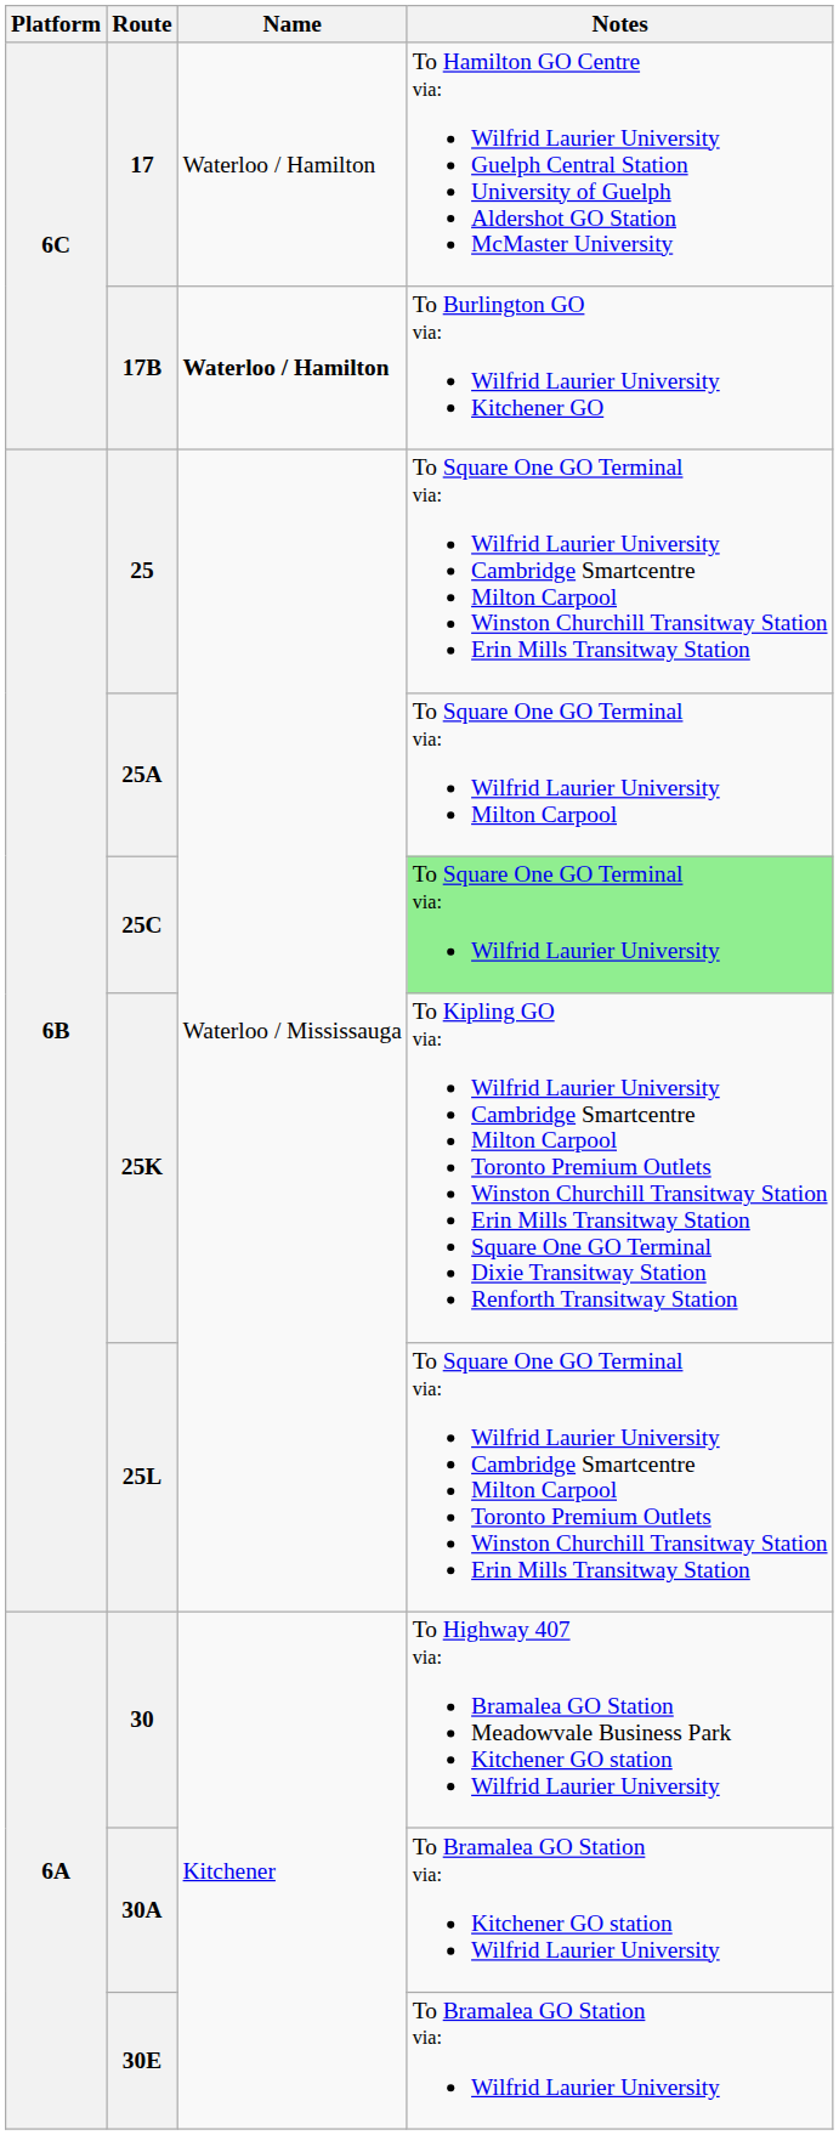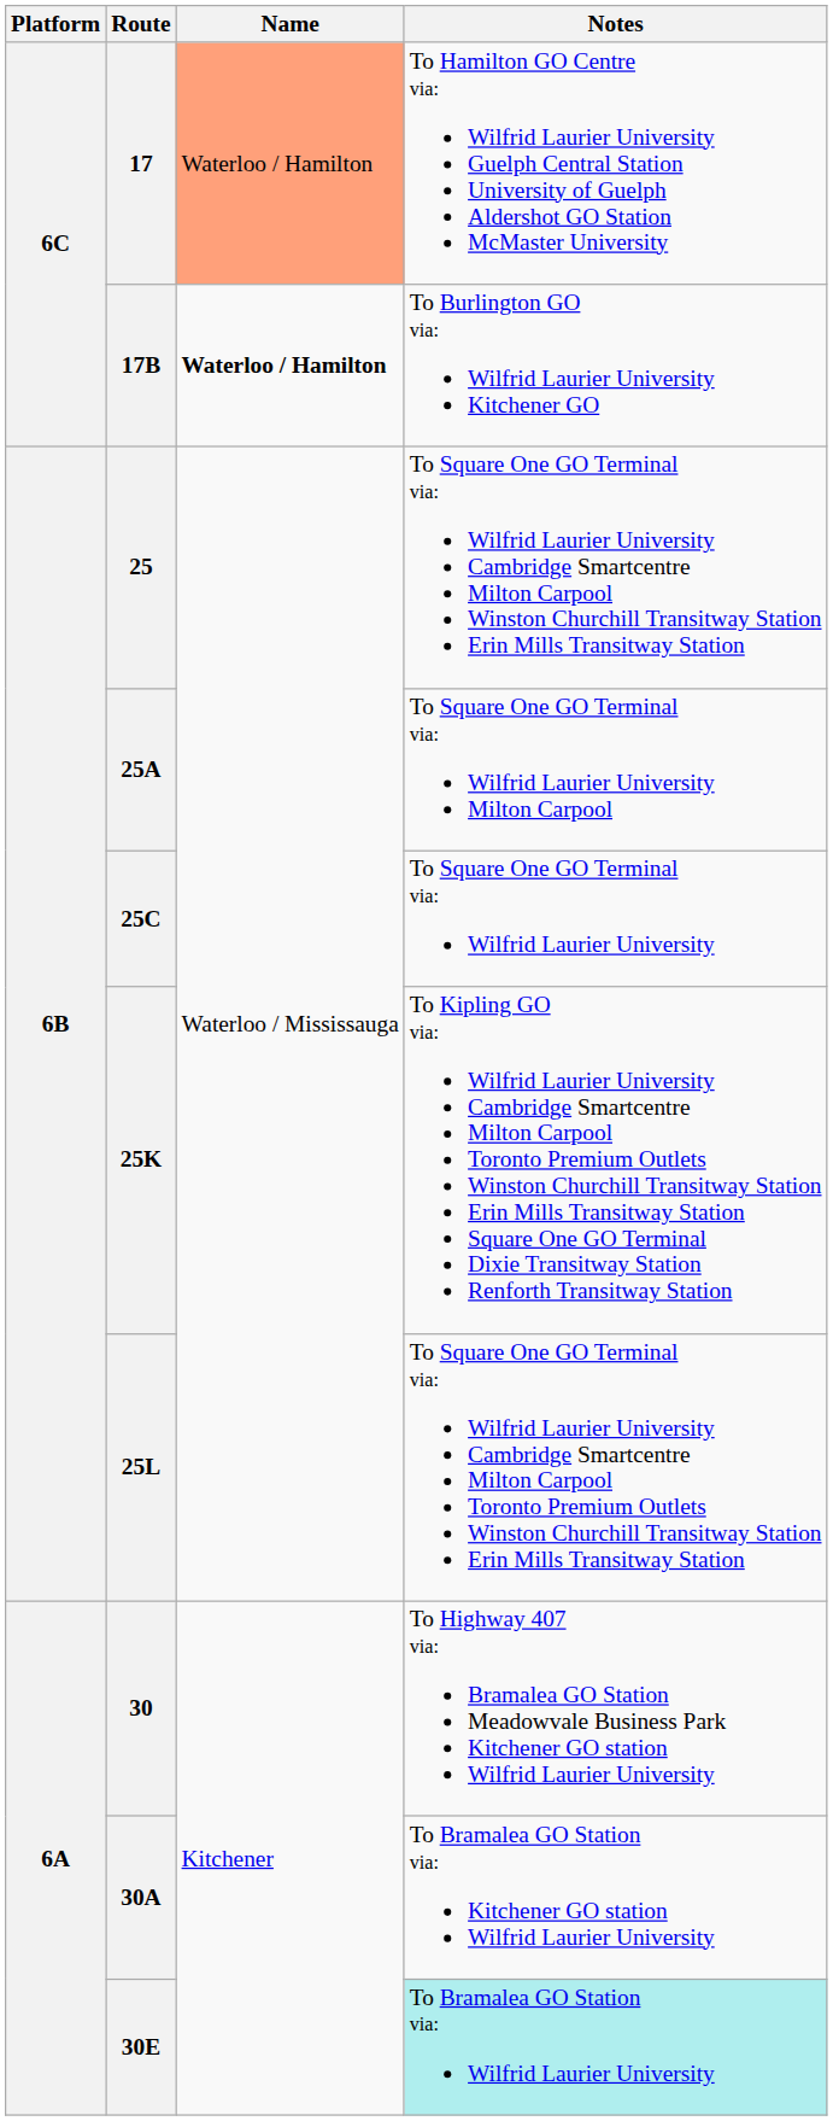 <table class="wikitable">
 <tr>
 <th>Platform</th>
 <th>Route</th>
 <th>Name</th>
 <th>Notes</th>
 </tr>
 <tr>
 <th rowspan="2">6C</th>
 <th>17</th>
-<td>Waterloo / Hamilton</td>
+<td style="background: lightsalmon;">Waterloo / Hamilton</td>
 <td>To <a href='#'>Hamilton GO Centre</a><br><small>via:</small><ul><li><a href='#'>Wilfrid Laurier University</a></li><li><a href='#'>Guelph Central Station</a></li><li><a href='#'>University of Guelph</a></li><li><a href='#'>Aldershot GO Station</a></li><li><a href='#'>McMaster University</a></li></ul></td>
 </tr>
 <tr>
 <th>17B</th>
 <td><strong>Waterloo / Hamilton</strong></td>
 <td>To <a href='#'>Burlington GO</a><br><small>via:</small><ul><li><a href='#'>Wilfrid Laurier University</a></li><li><a href='#'>Kitchener GO</a></li></ul></td>
 </tr>
 <tr>
 <th rowspan="5">6B</th>
 <th>25</th>
 <td rowspan="5">Waterloo / Mississauga</td>
 <td>To <a href='#'>Square One GO Terminal</a><br><small>via:</small><ul><li><a href='#'>Wilfrid Laurier University</a></li><li><a href='#'>Cambridge</a> Smartcentre</li><li><a href='#'>Milton Carpool</a></li><li><a href='#'>Winston Churchill Transitway Station</a></li><li><a href='#'>Erin Mills Transitway Station</a></li></ul></td>
 </tr>
 <tr>
 <th>25A</th>
 <td>To <a href='#'>Square One GO Terminal</a><br><small>via:</small><ul><li><a href='#'>Wilfrid Laurier University</a></li><li><a href='#'>Milton Carpool</a></li></ul></td>
 </tr>
 <tr>
 <th>25C</th>
-<td style="background: lightgreen;">To <a href='#'>Square One GO Terminal</a><br><small>via:</small><ul><li><a href='#'>Wilfrid Laurier University</a></li></ul></td>
+<td>To <a href='#'>Square One GO Terminal</a><br><small>via:</small><ul><li><a href='#'>Wilfrid Laurier University</a></li></ul></td>
 </tr>
 <tr>
 <th>25K</th>
 <td>To <a href='#'>Kipling GO</a><br><small>via:</small><ul><li><a href='#'>Wilfrid Laurier University</a></li><li><a href='#'>Cambridge</a> Smartcentre</li><li><a href='#'>Milton Carpool</a></li><li><a href='#'>Toronto Premium Outlets</a></li><li><a href='#'>Winston Churchill Transitway Station</a></li><li><a href='#'>Erin Mills Transitway Station</a></li><li><a href='#'>Square One GO Terminal</a></li><li><a href='#'>Dixie Transitway Station</a></li><li><a href='#'>Renforth Transitway Station</a></li></ul></td>
 </tr>
 <tr>
 <th>25L</th>
 <td>To <a href='#'>Square One GO Terminal</a><br><small>via:</small><ul><li><a href='#'>Wilfrid Laurier University</a></li><li><a href='#'>Cambridge</a> Smartcentre</li><li><a href='#'>Milton Carpool</a></li><li><a href='#'>Toronto Premium Outlets</a></li><li><a href='#'>Winston Churchill Transitway Station</a></li><li><a href='#'>Erin Mills Transitway Station</a></li></ul></td>
 </tr>
 <tr>
 <th rowspan="3">6A</th>
 <th>30</th>
 <td rowspan="3"><a href='#'>Kitchener</a></td>
 <td>To <a href='#'>Highway 407</a><br><small>via:</small><ul><li><a href='#'>Bramalea GO Station</a></li><li>Meadowvale Business Park</li><li><a href='#'>Kitchener GO station</a></li><li><a href='#'>Wilfrid Laurier University</a></li></ul></td>
 </tr>
 <tr>
 <th>30A</th>
 <td>To <a href='#'>Bramalea GO Station</a><br><small>via:</small><ul><li><a href='#'>Kitchener GO station</a></li><li><a href='#'>Wilfrid Laurier University</a></li></ul></td>
 </tr>
 <tr>
 <th>30E</th>
-<td>To <a href='#'>Bramalea GO Station</a><br><small>via:</small><ul><li><a href='#'>Wilfrid Laurier University</a></li></ul></td>
+<td style="background: paleturquoise;">To <a href='#'>Bramalea GO Station</a><br><small>via:</small><ul><li><a href='#'>Wilfrid Laurier University</a></li></ul></td>
 </tr>
 </table>
